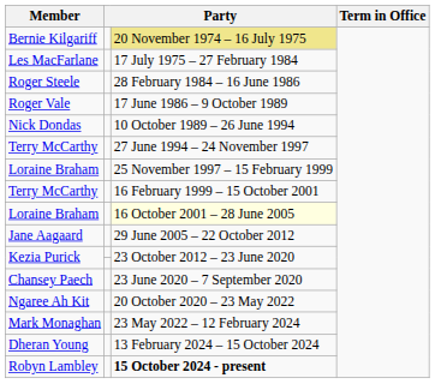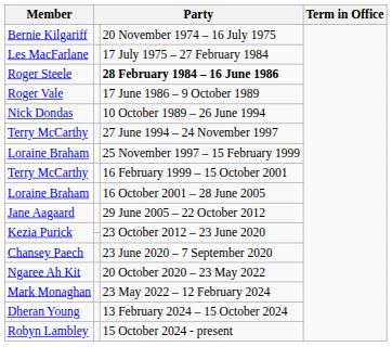 <table class="wikitable" style="border:1px solid #aaa; border-collapse:collapse">
 <tr>
 <th>Member</th>
 <th colspan=2>Party</th>
 <th>Term in Office</th>
 </tr>
 <tr>
 <td><a href='#'>Bernie Kilgariff</a></td>
 <td></td>
-<td style="background: khaki;">20 November 1974 – 16 July 1975</td>
+<td>20 November 1974 – 16 July 1975</td>
 </tr>
 <tr>
 <td><a href='#'>Les MacFarlane</a></td>
 <td></td>
 <td>17 July 1975 – 27 February 1984</td>
 </tr>
 <tr>
 <td><a href='#'>Roger Steele</a></td>
 <td></td>
-<td>28 February 1984 – 16 June 1986</td>
+<td><strong>28 February 1984 – 16 June 1986</strong></td>
 </tr>
 <tr>
 <td><a href='#'>Roger Vale</a></td>
 <td></td>
 <td>17 June 1986 – 9 October 1989</td>
 </tr>
 <tr>
 <td><a href='#'>Nick Dondas</a></td>
 <td></td>
 <td>10 October 1989 – 26 June 1994</td>
 </tr>
 <tr>
 <td><a href='#'>Terry McCarthy</a></td>
 <td></td>
 <td>27 June 1994 – 24 November 1997</td>
 </tr>
 <tr>
 <td><a href='#'>Loraine Braham</a></td>
 <td></td>
 <td>25 November 1997 – 15 February 1999</td>
 </tr>
 <tr>
 <td><a href='#'>Terry McCarthy</a></td>
 <td></td>
 <td>16 February 1999 – 15 October 2001</td>
 </tr>
 <tr>
 <td><a href='#'>Loraine Braham</a></td>
 <td></td>
-<td style="background: lightyellow;">16 October 2001 – 28 June 2005</td>
+<td>16 October 2001 – 28 June 2005</td>
 </tr>
 <tr>
 <td><a href='#'>Jane Aagaard</a></td>
 <td></td>
 <td>29 June 2005 – 22 October 2012</td>
 </tr>
 <tr>
 <td rowspan=2><a href='#'>Kezia Purick</a></td>
 <td></td>
 <td rowspan=2>23 October 2012 – 23 June 2020</td>
 </tr>
 <tr>
 <td></td>
 </tr>
 <tr>
 <td><a href='#'>Chansey Paech</a></td>
 <td></td>
 <td>23 June 2020 – 7 September 2020</td>
 </tr>
 <tr>
 <td><a href='#'>Ngaree Ah Kit</a></td>
 <td></td>
 <td>20 October 2020 – 23 May 2022</td>
 </tr>
 <tr>
 <td><a href='#'>Mark Monaghan</a></td>
 <td></td>
 <td>23 May 2022 – 12 February 2024</td>
 </tr>
 <tr>
 <td><a href='#'>Dheran Young</a></td>
 <td></td>
 <td>13 February 2024 – 15 October 2024</td>
 </tr>
 <tr>
 <td><a href='#'>Robyn Lambley</a></td>
 <td></td>
-<td><strong>15 October 2024 - present</strong></td>
+<td>15 October 2024 - present</td>
 </tr>
 </table>
